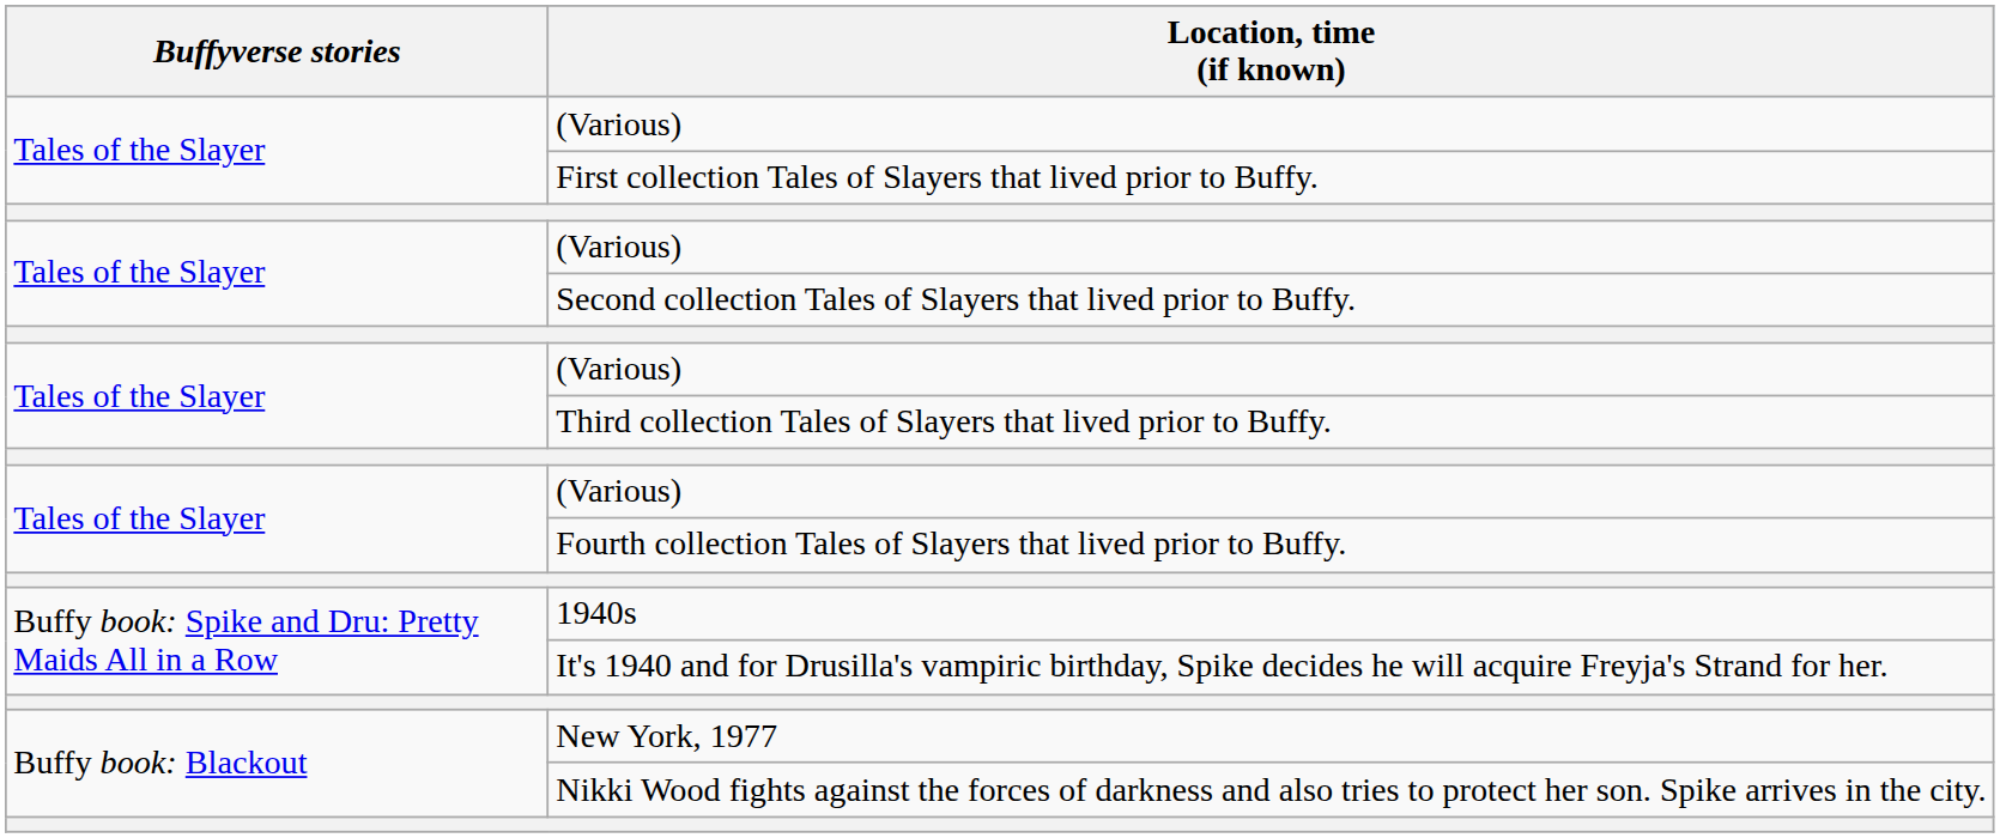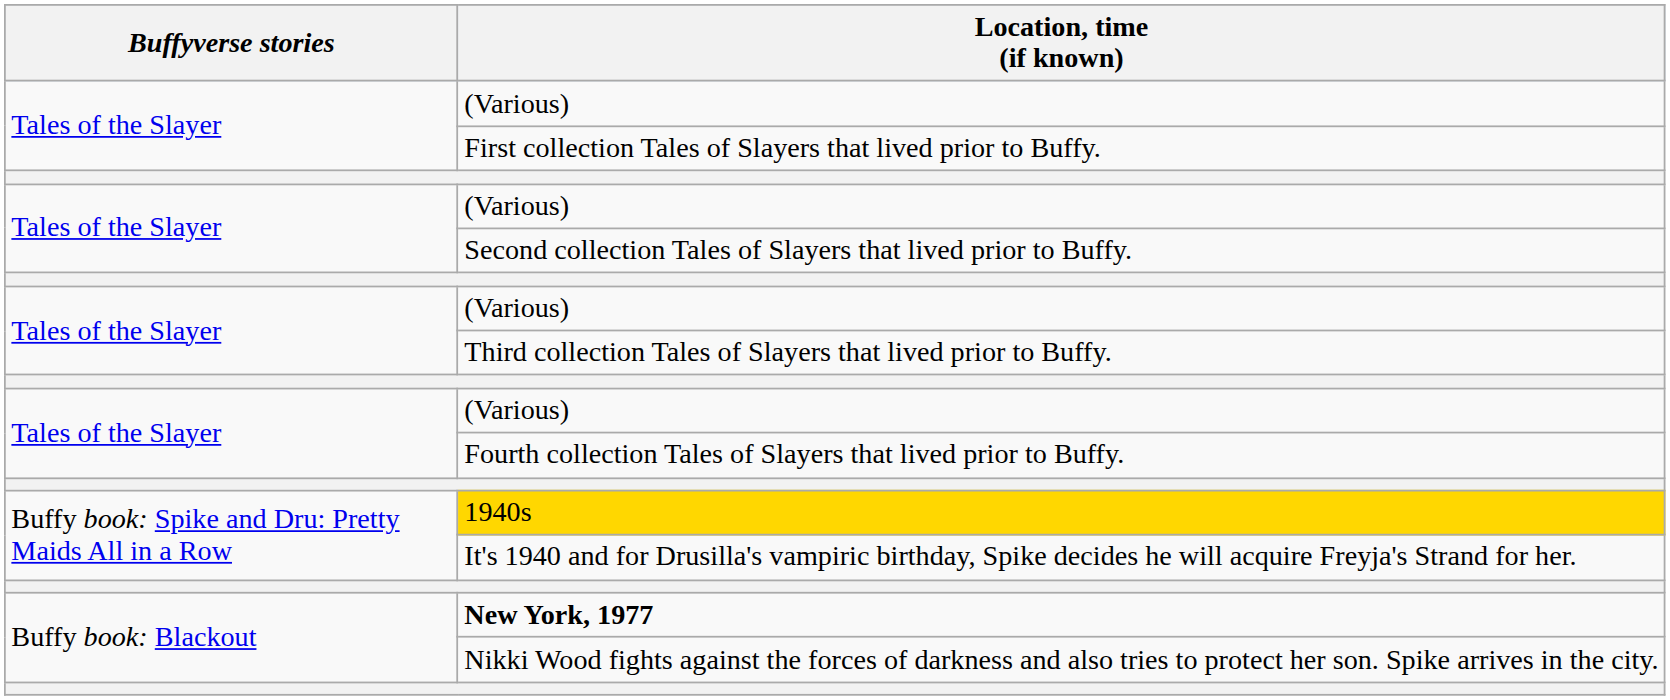 <table class="wikitable">
 <tr bgcolor="lightsteelblue" align=left>
 <th width="250"><strong><em>Buffyverse<em> stories<strong></th>
 <th></strong>Location, time<strong> <br>  (if known)</th>
 </tr>
 <tr>
 <td rowspan="2"></em><a href='#'>Tales of the Slayer</a><em></td>
 <td>(Various)</td>
 </tr>
 <tr>
 <td colspan="4">First collection Tales of Slayers that lived prior to Buffy.</td>
 </tr>
 <tr>
 <td colspan="6" bgcolor="#f2f2f2"></td>
 </tr>
 <tr>
 <td rowspan="2"></em><a href='#'>Tales of the Slayer</a><em></td>
 <td>(Various)</td>
 </tr>
 <tr>
 <td colspan="4">Second collection Tales of Slayers that lived prior to Buffy.</td>
 </tr>
 <tr>
 <td colspan="6" bgcolor="#f2f2f2"></td>
 </tr>
 <tr>
 <td rowspan="2"></em><a href='#'>Tales of the Slayer</a><em></td>
 <td>(Various)</td>
 </tr>
 <tr>
 <td colspan="4">Third collection Tales of Slayers that lived prior to Buffy.</td>
 </tr>
 <tr>
 <td colspan="6" bgcolor="#f2f2f2"></td>
 </tr>
 <tr>
 <td rowspan="2"></em><a href='#'>Tales of the Slayer</a><em></td>
 <td>(Various)</td>
 </tr>
 <tr>
 <td colspan="4">Fourth collection Tales of Slayers that lived prior to Buffy.</td>
 </tr>
 <tr>
 <td colspan="6" bgcolor="#f2f2f2"></td>
 </tr>
 <tr>
 <td rowspan="2"></em>Buffy<em> book: </em><a href='#'>Spike and Dru: Pretty Maids All in a Row</a><em></td>
-<td>1940s</td>
+<td style="background: gold;">1940s</td>
 </tr>
 <tr>
 <td colspan="4">It's 1940 and for Drusilla's vampiric birthday, Spike decides he will acquire Freyja's Strand for her.</td>
 </tr>
 <tr>
 <td colspan="6" bgcolor="#f2f2f2"></td>
 </tr>
 <tr>
 <td rowspan="2"></em>Buffy<em> book: </em><a href='#'>Blackout</a><em></td>
-<td>New York, 1977</td>
+<td><strong>New York, 1977</strong></td>
 </tr>
 <tr>
 <td colspan="4">Nikki Wood fights against the forces of darkness and also tries to protect her son. Spike arrives in the city.</td>
 </tr>
 <tr>
 <td colspan="6" bgcolor="#f2f2f2"></td>
 </tr>
 </table>
